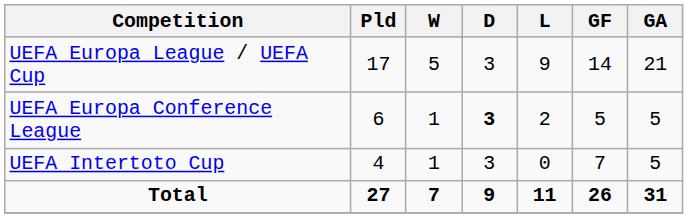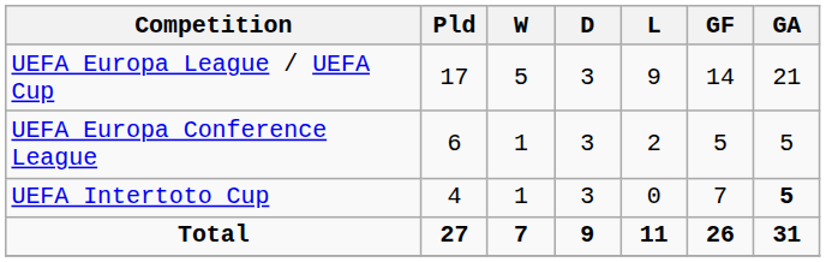 <table class="wikitable" style="text-align: center;">
 <tr>
 <th width="220">Competition</th>
 <th width="30">Pld</th>
 <th width="30">W</th>
 <th width="30">D</th>
 <th width="30">L</th>
 <th width="30">GF</th>
 <th width="30">GA</th>
 </tr>
 <tr>
 <td align="left"><a href='#'>UEFA Europa League</a> / <a href='#'>UEFA Cup</a></td>
 <td>17</td>
 <td>5</td>
 <td>3</td>
 <td>9</td>
 <td>14</td>
 <td>21</td>
 </tr>
 <tr>
 <td align="left"><a href='#'>UEFA Europa Conference League</a></td>
 <td>6</td>
 <td>1</td>
-<td><strong>3</strong></td>
+<td>3</td>
 <td>2</td>
 <td>5</td>
 <td>5</td>
 </tr>
 <tr>
 <td align="left"><a href='#'>UEFA Intertoto Cup</a></td>
 <td>4</td>
 <td>1</td>
 <td>3</td>
 <td>0</td>
 <td>7</td>
-<td>5</td>
+<td><strong>5</strong></td>
 </tr>
 <tr>
 <td><strong>Total</strong></td>
 <td><strong>27</strong></td>
 <td><strong>7</strong></td>
 <td><strong>9</strong></td>
 <td><strong>11</strong></td>
 <td><strong>26</strong></td>
 <td><strong>31</strong></td>
 </tr>
 <tr>
 </tr>
 </table>
